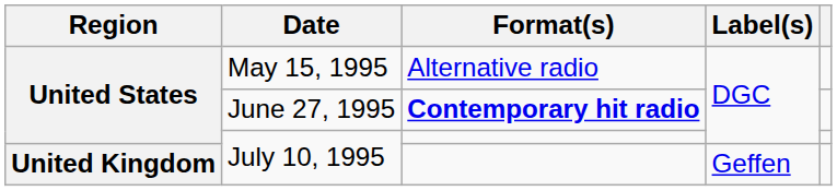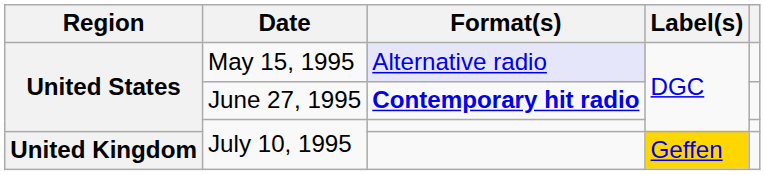 <table class="wikitable plainrowheaders">
 <tr>
 <th scope="col">Region</th>
 <th scope="col">Date</th>
 <th scope="col">Format(s)</th>
 <th scope="col">Label(s)</th>
 <th scope="col"></th>
 </tr>
 <tr>
 <th scope="row" rowspan="3">United States</th>
 <td>May 15, 1995</td>
-<td><a href='#'>Alternative radio</a></td>
+<td style="background: lavender;"><a href='#'>Alternative radio</a></td>
 <td rowspan="3"><a href='#'>DGC</a></td>
 <td></td>
 </tr>
 <tr>
 <td>June 27, 1995</td>
 <td><strong><a href='#'>Contemporary hit radio</a></strong></td>
 <td></td>
 </tr>
 <tr>
 <td rowspan="2">July 10, 1995</td>
 <td></td>
 <td></td>
 </tr>
 <tr>
 <th scope="row">United Kingdom</th>
 <td></td>
-<td><a href='#'>Geffen</a></td>
+<td style="background: gold;"><a href='#'>Geffen</a></td>
 <td></td>
 </tr>
 </table>
